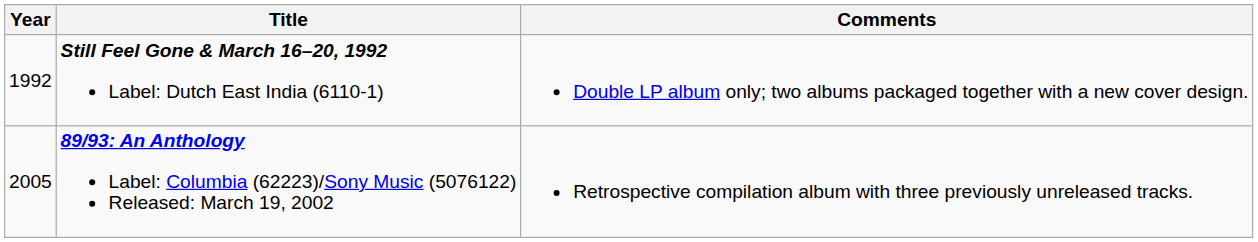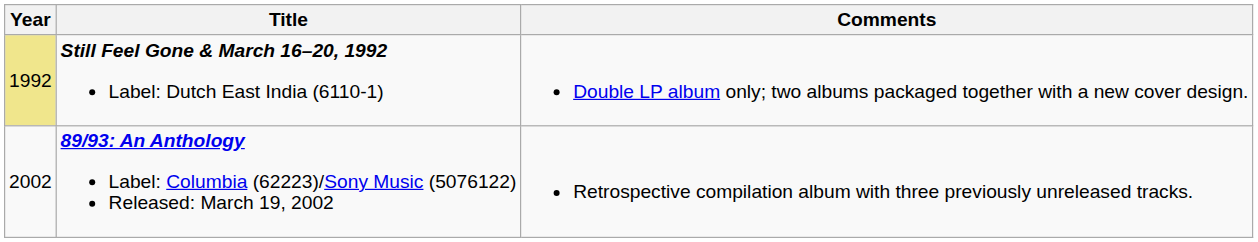 <table class="wikitable">
 <tr>
 <th>Year</th>
 <th>Title</th>
 <th>Comments</th>
 </tr>
 <tr>
-<td rowspan="1">1992</td>
+<td rowspan="1" style="background: khaki;">1992</td>
 <td><strong><em>Still Feel Gone & March 16–20, 1992</em></strong><br><ul><li>Label: Dutch East India (6110-1)</li></ul></td>
 <td><br><ul><li><a href='#'>Double LP album</a> only; two albums packaged together with a new cover design.</li></ul></td>
 </tr>
 <tr>
-<td rowspan="1">2005</td>
+<td rowspan="1">2002</td>
 <td><strong><em><a href='#'>89/93: An Anthology</a></em></strong><br><ul><li>Label: <a href='#'>Columbia</a> (62223)/<a href='#'>Sony Music</a> (5076122)</li><li>Released: March 19, 2002</li></ul></td>
 <td><br><ul><li>Retrospective compilation album with three previously unreleased tracks.</li></ul></td>
 </tr>
 </table>
